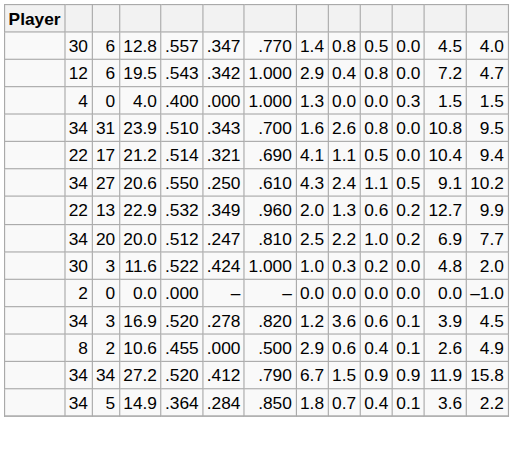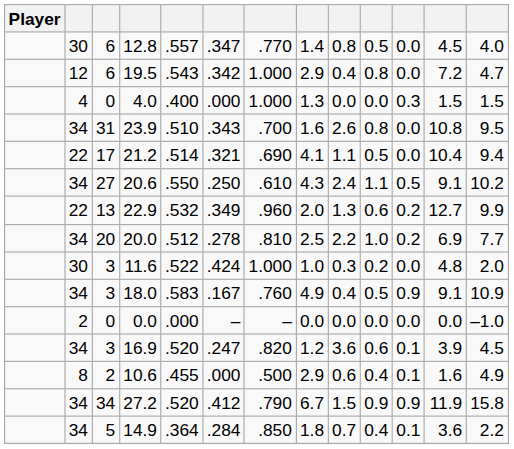 <table class="wikitable sortable" style="font-size:95%; text-align:right;">
 <tr>
 <th>Player</th>
 <th></th>
 <th></th>
 <th></th>
 <th></th>
 <th></th>
 <th></th>
 <th></th>
 <th></th>
 <th></th>
 <th></th>
 <th></th>
 <th></th>
 </tr>
 <tr>
 <td></td>
 <td>30</td>
 <td>6</td>
 <td>12.8</td>
 <td>.557</td>
 <td>.347</td>
 <td>.770</td>
 <td>1.4</td>
 <td>0.8</td>
 <td>0.5</td>
 <td>0.0</td>
 <td>4.5</td>
 <td>4.0</td>
 </tr>
 <tr>
 <td></td>
 <td>12</td>
 <td>6</td>
 <td>19.5</td>
 <td>.543</td>
 <td>.342</td>
 <td>1.000</td>
 <td>2.9</td>
 <td>0.4</td>
 <td>0.8</td>
 <td>0.0</td>
 <td>7.2</td>
 <td>4.7</td>
 </tr>
 <tr>
 <td></td>
 <td>4</td>
 <td>0</td>
 <td>4.0</td>
 <td>.400</td>
 <td>.000</td>
 <td>1.000</td>
 <td>1.3</td>
 <td>0.0</td>
 <td>0.0</td>
 <td>0.3</td>
 <td>1.5</td>
 <td>1.5</td>
 </tr>
 <tr>
 <td></td>
 <td>34</td>
 <td>31</td>
 <td>23.9</td>
 <td>.510</td>
 <td>.343</td>
 <td>.700</td>
 <td>1.6</td>
 <td>2.6</td>
 <td>0.8</td>
 <td>0.0</td>
 <td>10.8</td>
 <td>9.5</td>
 </tr>
 <tr>
 <td></td>
 <td>22</td>
 <td>17</td>
 <td>21.2</td>
 <td>.514</td>
 <td>.321</td>
 <td>.690</td>
 <td>4.1</td>
 <td>1.1</td>
 <td>0.5</td>
 <td>0.0</td>
 <td>10.4</td>
 <td>9.4</td>
 </tr>
 <tr>
 <td></td>
 <td>34</td>
 <td>27</td>
 <td>20.6</td>
 <td>.550</td>
 <td>.250</td>
 <td>.610</td>
 <td>4.3</td>
 <td>2.4</td>
 <td>1.1</td>
 <td>0.5</td>
 <td>9.1</td>
 <td>10.2</td>
 </tr>
 <tr>
 <td></td>
 <td>22</td>
 <td>13</td>
 <td>22.9</td>
 <td>.532</td>
 <td>.349</td>
 <td>.960</td>
 <td>2.0</td>
 <td>1.3</td>
 <td>0.6</td>
 <td>0.2</td>
 <td>12.7</td>
 <td>9.9</td>
 </tr>
 <tr>
 <td></td>
 <td>34</td>
 <td>20</td>
 <td>20.0</td>
 <td>.512</td>
-<td>.247</td>
+<td>.278</td>
 <td>.810</td>
 <td>2.5</td>
 <td>2.2</td>
 <td>1.0</td>
 <td>0.2</td>
 <td>6.9</td>
 <td>7.7</td>
 </tr>
 <tr>
 <td></td>
 <td>30</td>
 <td>3</td>
 <td>11.6</td>
 <td>.522</td>
 <td>.424</td>
 <td>1.000</td>
 <td>1.0</td>
 <td>0.3</td>
 <td>0.2</td>
 <td>0.0</td>
 <td>4.8</td>
 <td>2.0</td>
 </tr>
 <tr>
 <td></td>
+<td>34</td>
+<td>3</td>
+<td>18.0</td>
+<td>.583</td>
+<td>.167</td>
+<td>.760</td>
+<td>4.9</td>
+<td>0.4</td>
+<td>0.5</td>
+<td>0.9</td>
+<td>9.1</td>
+<td>10.9</td>
+</tr>
+<tr>
+<td></td>
 <td>2</td>
 <td>0</td>
 <td>0.0</td>
 <td>.000</td>
 <td>–</td>
 <td>–</td>
 <td>0.0</td>
 <td>0.0</td>
 <td>0.0</td>
 <td>0.0</td>
 <td>0.0</td>
 <td>–1.0</td>
 </tr>
 <tr>
 <td></td>
 <td>34</td>
 <td>3</td>
 <td>16.9</td>
 <td>.520</td>
-<td>.278</td>
+<td>.247</td>
 <td>.820</td>
 <td>1.2</td>
 <td>3.6</td>
 <td>0.6</td>
 <td>0.1</td>
 <td>3.9</td>
 <td>4.5</td>
 </tr>
 <tr>
 <td></td>
 <td>8</td>
 <td>2</td>
 <td>10.6</td>
 <td>.455</td>
 <td>.000</td>
 <td>.500</td>
 <td>2.9</td>
 <td>0.6</td>
 <td>0.4</td>
 <td>0.1</td>
-<td>2.6</td>
+<td>1.6</td>
 <td>4.9</td>
 </tr>
 <tr>
 <td></td>
 <td>34</td>
 <td>34</td>
 <td>27.2</td>
 <td>.520</td>
 <td>.412</td>
 <td>.790</td>
 <td>6.7</td>
 <td>1.5</td>
 <td>0.9</td>
 <td>0.9</td>
 <td>11.9</td>
 <td>15.8</td>
 </tr>
 <tr>
 <td></td>
 <td>34</td>
 <td>5</td>
 <td>14.9</td>
 <td>.364</td>
 <td>.284</td>
 <td>.850</td>
 <td>1.8</td>
 <td>0.7</td>
 <td>0.4</td>
 <td>0.1</td>
 <td>3.6</td>
 <td>2.2</td>
 </tr>
 <tr>
 </tr>
 </table>
